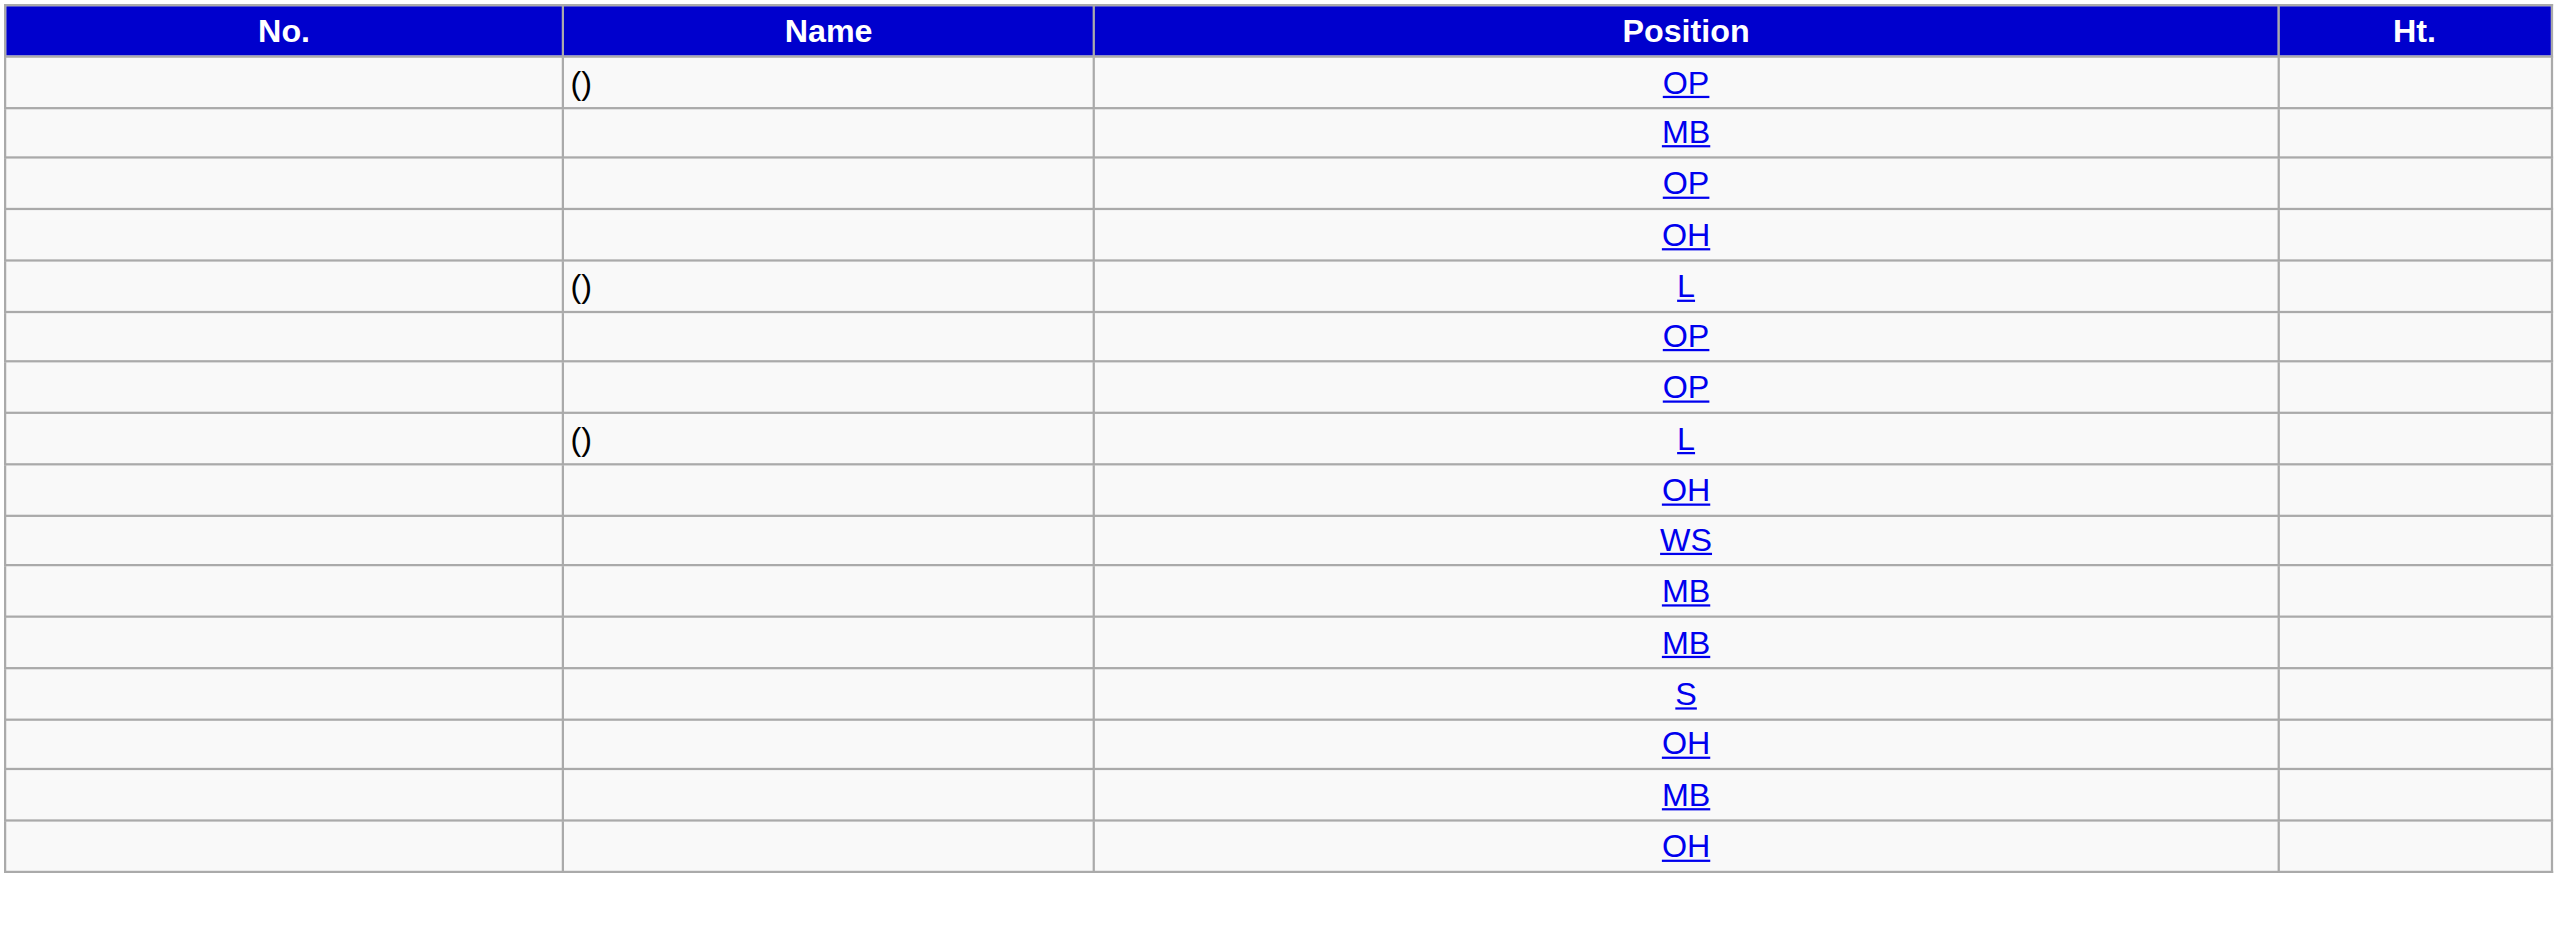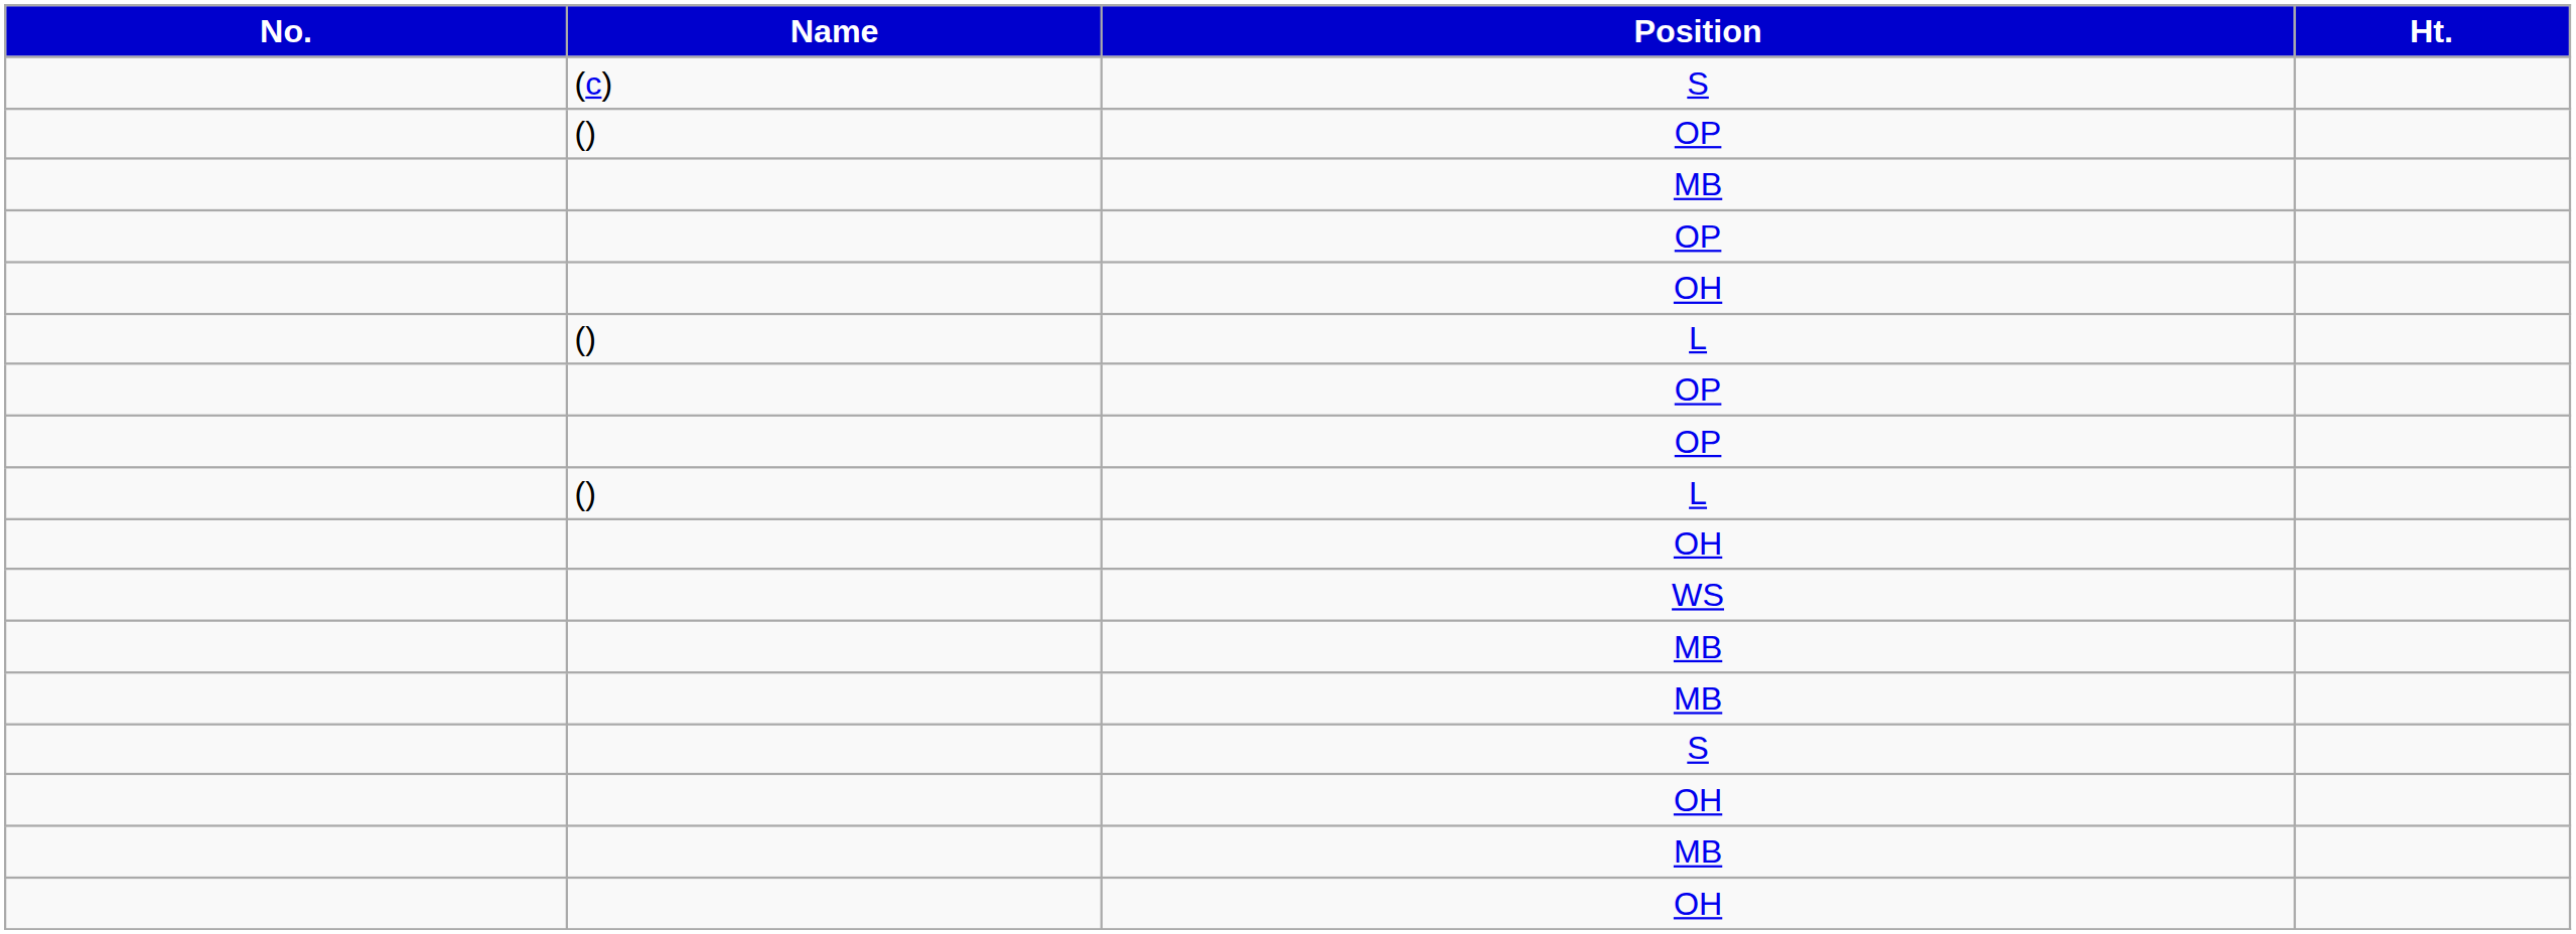 <table class="wikitable sortable" style="font-size:90%; text-align:center; width:90%;">
 <tr>
 <th style="background:#0000CD; color:white; text-align: center"><strong>No.</strong></th>
 <th style="width:16em; background:#0000CD; color:white;">Name</th>
 <th style="background:#0000CD; color:white; text-align: center"><strong>Position</strong></th>
 <th style="width:8em; background:#0000CD; color:white;">Ht.</th>
+</tr>
+<tr>
+<td></td>
+<td align=left>  (<a href='#'>c</a>)</td>
+<td><a href='#'>S</a></td>
+<td></td>
 </tr>
 <tr>
 <td></td>
 <td align=left>  ()</td>
 <td><a href='#'>OP</a></td>
 <td></td>
 </tr>
 <tr>
 <td></td>
 <td align=left> </td>
 <td><a href='#'>MB</a></td>
 <td></td>
 </tr>
 <tr>
 <td></td>
 <td align=left> </td>
 <td><a href='#'>OP</a></td>
 <td></td>
 </tr>
 <tr>
 <td></td>
 <td align=left> </td>
 <td><a href='#'>OH</a></td>
 <td></td>
 </tr>
 <tr>
 <td></td>
 <td align=left>  ()</td>
 <td><a href='#'>L</a></td>
 <td></td>
 </tr>
 <tr>
 <td></td>
 <td align=left> </td>
 <td><a href='#'>OP</a></td>
 <td></td>
 </tr>
 <tr>
 <td></td>
 <td align=left> </td>
 <td><a href='#'>OP</a></td>
 <td></td>
 </tr>
 <tr>
 <td></td>
 <td align=left>  ()</td>
 <td><a href='#'>L</a></td>
 <td></td>
 </tr>
 <tr>
 <td></td>
 <td align=left> </td>
 <td><a href='#'>OH</a></td>
 <td></td>
 </tr>
 <tr>
 <td></td>
 <td align=left> </td>
 <td><a href='#'>WS</a></td>
 <td></td>
 </tr>
 <tr>
 <td></td>
 <td align=left> </td>
 <td><a href='#'>MB</a></td>
 <td></td>
 </tr>
 <tr>
 <td></td>
 <td align=left> </td>
 <td><a href='#'>MB</a></td>
 <td></td>
 </tr>
 <tr>
 <td></td>
 <td align=left> </td>
 <td><a href='#'>S</a></td>
 <td></td>
 </tr>
 <tr>
 <td></td>
 <td align=left> </td>
 <td><a href='#'>OH</a></td>
 <td></td>
 </tr>
 <tr>
 <td></td>
 <td align=left> </td>
 <td><a href='#'>MB</a></td>
 <td></td>
 </tr>
 <tr>
 <td></td>
 <td align=left> </td>
 <td><a href='#'>OH</a></td>
 <td></td>
 </tr>
 <tr>
 </tr>
 </table>
